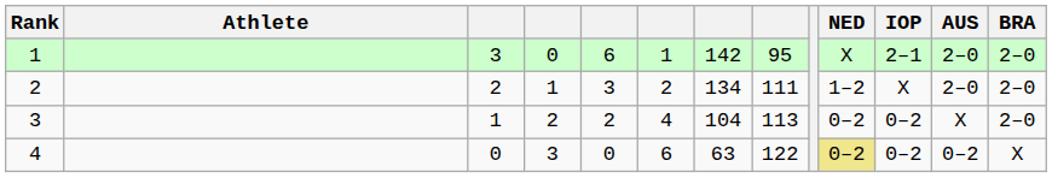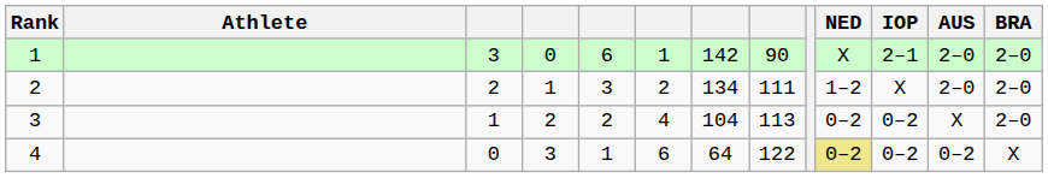 <table class="wikitable" style="text-align:center">
 <tr>
 <th>Rank</th>
 <th width=250>Athlete</th>
 <th width=30></th>
 <th width=30></th>
 <th width=30></th>
 <th width=30></th>
 <th width=30></th>
 <th width=30></th>
 <th rowspan=5></th>
 <th width=30>NED</th>
 <th width=30>IOP</th>
 <th width=30>AUS</th>
 <th width=30>BRA</th>
 </tr>
 <tr style="background-color:#ccffcc;">
 <td>1</td>
 <td align=left></td>
 <td>3</td>
 <td>0</td>
 <td>6</td>
 <td>1</td>
 <td>142</td>
-<td>95</td>
+<td>90</td>
 <td>X</td>
 <td>2–1</td>
 <td>2–0</td>
 <td>2–0</td>
 </tr>
 <tr>
 <td>2</td>
 <td align=left></td>
 <td>2</td>
 <td>1</td>
 <td>3</td>
 <td>2</td>
 <td>134</td>
 <td>111</td>
 <td>1–2</td>
 <td>X</td>
 <td>2–0</td>
 <td>2–0</td>
 </tr>
 <tr>
 <td>3</td>
 <td align=left></td>
 <td>1</td>
 <td>2</td>
 <td>2</td>
 <td>4</td>
 <td>104</td>
 <td>113</td>
 <td>0–2</td>
 <td>0–2</td>
 <td>X</td>
 <td>2–0</td>
 </tr>
 <tr>
 <td>4</td>
 <td align=left></td>
 <td>0</td>
 <td>3</td>
-<td>0</td>
+<td>1</td>
 <td>6</td>
-<td>63</td>
+<td>64</td>
 <td>122</td>
 <td style="background: khaki;">0–2</td>
 <td>0–2</td>
 <td>0–2</td>
 <td>X</td>
 </tr>
 </table>
